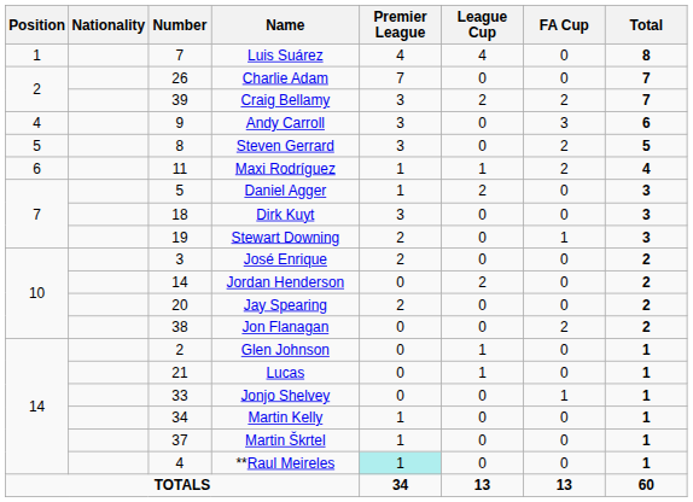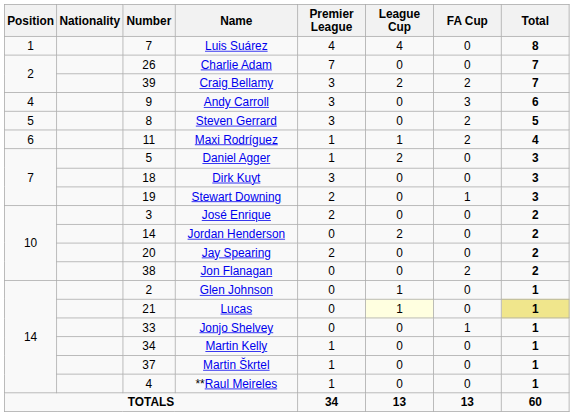 <table class="wikitable" style="font-size: 95%; text-align: center;">
 <tr>
 <th width=60>Position</th>
 <th width=60>Nationality</th>
 <th width=60>Number</th>
 <th width=150>Name</th>
 <th width=80>Premier League</th>
 <th width=80>League Cup</th>
 <th width=80>FA Cup</th>
 <th width=80>Total</th>
 </tr>
 <tr>
 <td>1</td>
 <td></td>
 <td>7</td>
 <td><a href='#'>Luis Suárez</a></td>
 <td>4</td>
 <td>4</td>
 <td>0</td>
 <td><strong>8</strong></td>
 </tr>
 <tr>
 <td rowspan=2>2</td>
 <td></td>
 <td>26</td>
 <td><a href='#'>Charlie Adam</a></td>
 <td>7</td>
 <td>0</td>
 <td>0</td>
 <td><strong>7</strong></td>
 </tr>
 <tr>
 <td></td>
 <td>39</td>
 <td><a href='#'>Craig Bellamy</a></td>
 <td>3</td>
 <td>2</td>
 <td>2</td>
 <td><strong>7</strong></td>
 </tr>
 <tr>
 <td>4</td>
 <td></td>
 <td>9</td>
 <td><a href='#'>Andy Carroll</a></td>
 <td>3</td>
 <td>0</td>
 <td>3</td>
 <td><strong>6</strong></td>
 </tr>
 <tr>
 <td>5</td>
 <td></td>
 <td>8</td>
 <td><a href='#'>Steven Gerrard</a></td>
 <td>3</td>
 <td>0</td>
 <td>2</td>
 <td><strong>5</strong></td>
 </tr>
 <tr>
 <td>6</td>
 <td></td>
 <td>11</td>
 <td><a href='#'>Maxi Rodríguez</a></td>
 <td>1</td>
 <td>1</td>
 <td>2</td>
 <td><strong>4</strong></td>
 </tr>
 <tr>
 <td rowspan=3>7</td>
 <td></td>
 <td>5</td>
 <td><a href='#'>Daniel Agger</a></td>
 <td>1</td>
 <td>2</td>
 <td>0</td>
 <td><strong>3</strong></td>
 </tr>
 <tr>
 <td></td>
 <td>18</td>
 <td><a href='#'>Dirk Kuyt</a></td>
 <td>3</td>
 <td>0</td>
 <td>0</td>
 <td><strong>3</strong></td>
 </tr>
 <tr>
 <td></td>
 <td>19</td>
 <td><a href='#'>Stewart Downing</a></td>
 <td>2</td>
 <td>0</td>
 <td>1</td>
 <td><strong>3</strong></td>
 </tr>
 <tr>
 <td rowspan=4>10</td>
 <td></td>
 <td>3</td>
 <td><a href='#'>José Enrique</a></td>
 <td>2</td>
 <td>0</td>
 <td>0</td>
 <td><strong>2</strong></td>
 </tr>
 <tr>
 <td></td>
 <td>14</td>
 <td><a href='#'>Jordan Henderson</a></td>
 <td>0</td>
 <td>2</td>
 <td>0</td>
 <td><strong>2</strong></td>
 </tr>
 <tr>
 <td></td>
 <td>20</td>
 <td><a href='#'>Jay Spearing</a></td>
 <td>2</td>
 <td>0</td>
 <td>0</td>
 <td><strong>2</strong></td>
 </tr>
 <tr>
 <td></td>
 <td>38</td>
 <td><a href='#'>Jon Flanagan</a></td>
 <td>0</td>
 <td>0</td>
 <td>2</td>
 <td><strong>2</strong></td>
 </tr>
 <tr>
 <td rowspan=6>14</td>
 <td></td>
 <td>2</td>
 <td><a href='#'>Glen Johnson</a></td>
 <td>0</td>
 <td>1</td>
 <td>0</td>
 <td><strong>1</strong></td>
 </tr>
 <tr>
 <td></td>
 <td>21</td>
 <td><a href='#'>Lucas</a></td>
 <td>0</td>
-<td>1</td>
+<td style="background: lightyellow;">1</td>
 <td>0</td>
-<td><strong>1</strong></td>
+<td style="background: khaki;"><strong>1</strong></td>
 </tr>
 <tr>
 <td></td>
 <td>33</td>
 <td><a href='#'>Jonjo Shelvey</a></td>
 <td>0</td>
 <td>0</td>
 <td>1</td>
 <td><strong>1</strong></td>
 </tr>
 <tr>
 <td></td>
 <td>34</td>
 <td><a href='#'>Martin Kelly</a></td>
 <td>1</td>
 <td>0</td>
 <td>0</td>
 <td><strong>1</strong></td>
 </tr>
 <tr>
 <td></td>
 <td>37</td>
 <td><a href='#'>Martin Škrtel</a></td>
 <td>1</td>
 <td>0</td>
 <td>0</td>
 <td><strong>1</strong></td>
 </tr>
 <tr>
 <td></td>
 <td>4</td>
 <td>**<a href='#'>Raul Meireles</a></td>
-<td style="background: paleturquoise;">1</td>
+<td>1</td>
 <td>0</td>
 <td>0</td>
 <td><strong>1</strong></td>
 </tr>
 <tr>
 <td colspan=4><strong>TOTALS</strong></td>
 <td><strong>34</strong></td>
 <td><strong>13</strong></td>
 <td><strong>13</strong></td>
 <td><strong>60</strong></td>
 </tr>
 </table>
